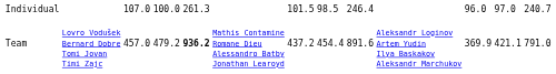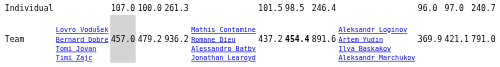 <table>
 <tr>
 <td>Individual</td>
 <td></td>
 <td>107.0</td>
 <td>100.0</td>
 <td>261.3</td>
 <td></td>
 <td>101.5</td>
 <td>98.5</td>
 <td>246.4</td>
 <td></td>
 <td>96.0</td>
 <td>97.0</td>
 <td>240.7</td>
 </tr>
 <tr>
 <td>Team</td>
 <td><br><small><a href='#'>Lovro Vodušek</a><br><a href='#'>Bernard Dobre</a><br><a href='#'>Tomi Jovan</a><br><a href='#'>Timi Zajc</a></small></td>
-<td>457.0</td>
+<td style="background: lightgrey;">457.0</td>
 <td>479.2</td>
-<td><strong>936.2</strong></td>
+<td>936.2</td>
 <td><br><small><a href='#'>Mathis Contamine</a><br><a href='#'>Romane Dieu</a><br><a href='#'>Alessandro Batby</a><br><a href='#'>Jonathan Learoyd</a></small></td>
 <td>437.2</td>
-<td>454.4</td>
+<td><strong>454.4</strong></td>
 <td>891.6</td>
 <td><br><small><a href='#'>Aleksandr Loginov</a><br><a href='#'>Artem Yudin</a><br><a href='#'>Ilya Baskakov</a><br><a href='#'>Aleksandr Marchukov</a></small></td>
 <td>369.9</td>
 <td>421.1</td>
 <td>791.0</td>
 </tr>
 </table>
